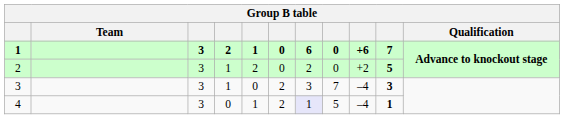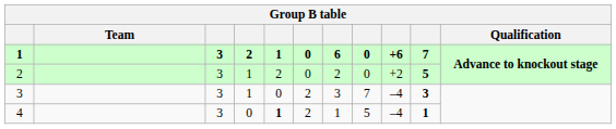 <table class="wikitable" style="text-align: center;">
 <tr>
 <th colspan="11">Group B table</th>
 </tr>
 <tr>
 <th width=30></th>
 <th width="210">Team</th>
 <th width=30></th>
 <th width=30></th>
 <th width=30></th>
 <th width=30></th>
 <th width=30></th>
 <th width=30></th>
 <th width=30></th>
 <th width=30></th>
 <th width=210>Qualification</th>
 </tr>
 <tr bgcolor=#ccffcc>
 <td><strong>1</strong></td>
 <td align="left"><strong></strong></td>
 <td><strong>3</strong></td>
 <td><strong>2</strong></td>
 <td><strong>1</strong></td>
 <td><strong>0</strong></td>
 <td><strong>6</strong></td>
 <td><strong>0</strong></td>
 <td><strong>+6</strong></td>
 <td><strong>7</strong></td>
 <td rowspan="2"><strong>Advance to knockout stage</strong></td>
 </tr>
 <tr bgcolor=#ccffcc>
 <td>2</td>
 <td align="left"></td>
 <td>3</td>
 <td>1</td>
 <td>2</td>
 <td>0</td>
 <td>2</td>
 <td>0</td>
 <td>+2</td>
 <td><strong>5</strong></td>
 </tr>
 <tr>
 <td>3</td>
 <td align="left"></td>
 <td>3</td>
 <td>1</td>
 <td>0</td>
 <td>2</td>
 <td>3</td>
 <td>7</td>
 <td>–4</td>
 <td><strong>3</strong></td>
 <td rowspan="2"></td>
 </tr>
 <tr>
 <td>4</td>
 <td align="left"></td>
 <td>3</td>
 <td>0</td>
+<td><strong>1</strong></td>
+<td>2</td>
 <td>1</td>
-<td>2</td>
-<td style="background: lavender;">1</td>
 <td>5</td>
 <td>–4</td>
 <td><strong>1</strong></td>
 </tr>
 </table>
